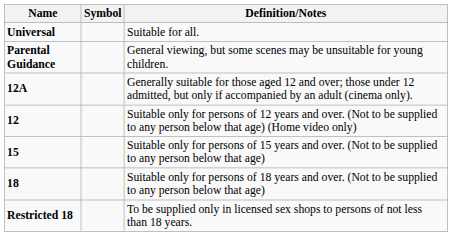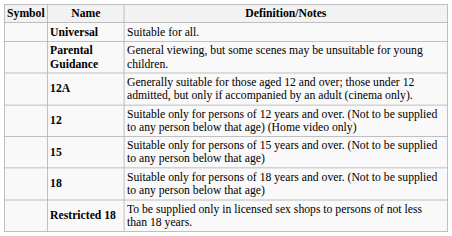 <table class="wikitable">
 <tr>
+<th>Symbol</th>
 <th>Name</th>
-<th>Symbol</th>
 <th>Definition/Notes</th>
 </tr>
 <tr>
+<td align="center"></td>
 <td><strong>Universal</strong></td>
-<td align="center"></td>
 <td>Suitable for all.</td>
 </tr>
 <tr>
+<td align="center"></td>
 <td><strong>Parental Guidance</strong></td>
-<td align="center"></td>
 <td>General viewing, but some scenes may be unsuitable for young children.</td>
 </tr>
 <tr>
+<td align="center"></td>
 <td><strong>12A</strong></td>
-<td align="center"></td>
 <td>Generally suitable for those aged 12 and over; those under 12 admitted, but only if accompanied by an adult (cinema only).</td>
 </tr>
 <tr>
+<td align="center"></td>
 <td><strong>12</strong></td>
-<td align="center"></td>
 <td>Suitable only for persons of 12 years and over. (Not to be supplied to any person below that age) (Home video only)</td>
 </tr>
 <tr>
+<td align="center"></td>
 <td><strong>15</strong></td>
-<td align="center"></td>
 <td>Suitable only for persons of 15 years and over. (Not to be supplied to any person below that age)</td>
 </tr>
 <tr>
+<td align="center"></td>
 <td><strong>18</strong></td>
-<td align="center"></td>
 <td>Suitable only for persons of 18 years and over. (Not to be supplied to any person below that age)</td>
 </tr>
 <tr>
+<td align="center"></td>
 <td><strong>Restricted 18</strong></td>
-<td align="center"></td>
 <td>To be supplied only in licensed sex shops to persons of not less than 18 years.</td>
 </tr>
 </table>
